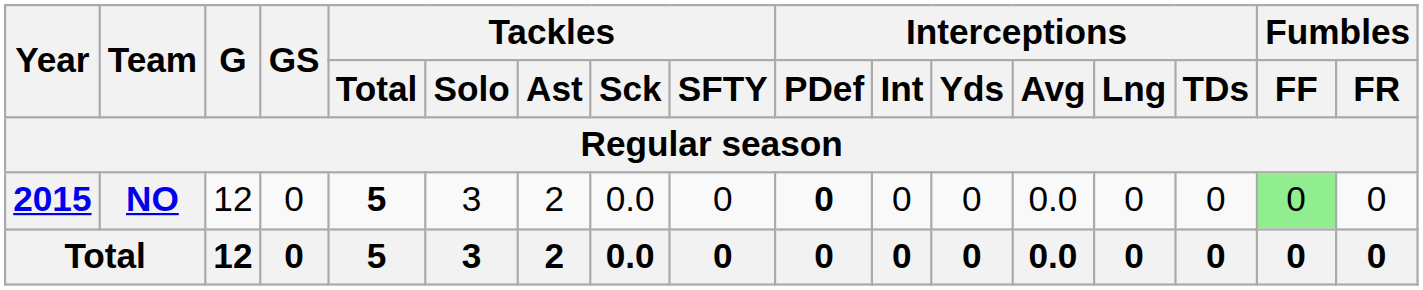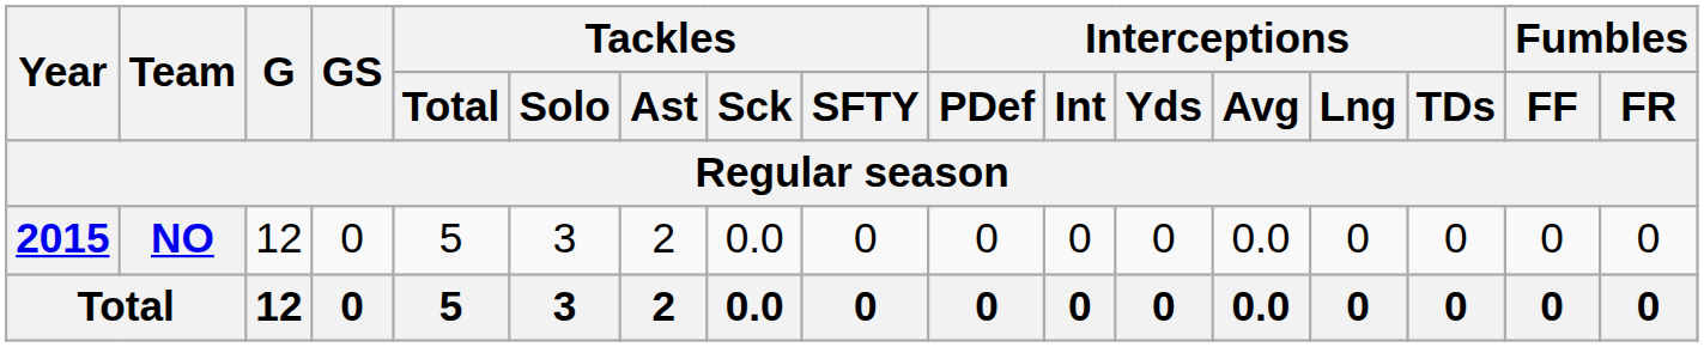 <table class="wikitable" style="text-align: center;">
 <tr>
 <th rowspan=2>Year</th>
 <th rowspan=2>Team</th>
 <th rowspan=2>G</th>
 <th rowspan=2>GS</th>
 <th colspan=5>Tackles</th>
 <th colspan=6>Interceptions</th>
 <th colspan=2>Fumbles</th>
 </tr>
 <tr>
 <th>Total</th>
 <th>Solo</th>
 <th>Ast</th>
 <th>Sck</th>
 <th>SFTY</th>
 <th>PDef</th>
 <th>Int</th>
 <th>Yds</th>
 <th>Avg</th>
 <th>Lng</th>
 <th>TDs</th>
 <th>FF</th>
 <th>FR</th>
 </tr>
 <tr>
 <th colspan=17><strong>Regular season</strong></th>
 </tr>
 <tr>
 <th><a href='#'>2015</a></th>
 <th><a href='#'>NO</a></th>
 <td>12</td>
 <td>0</td>
-<td><strong>5</strong></td>
+<td>5</td>
 <td>3</td>
 <td>2</td>
 <td>0.0</td>
 <td>0</td>
-<td><strong>0</strong></td>
+<td>0</td>
 <td>0</td>
 <td>0</td>
 <td>0.0</td>
 <td>0</td>
 <td>0</td>
-<td style="background: lightgreen;">0</td>
+<td>0</td>
 <td>0</td>
 </tr>
 <tr>
 <th colspan=2>Total</th>
 <th>12</th>
 <th>0</th>
 <th>5</th>
 <th>3</th>
 <th>2</th>
 <th>0.0</th>
 <th>0</th>
 <th>0</th>
 <th>0</th>
 <th>0</th>
 <th>0.0</th>
 <th>0</th>
 <th>0</th>
 <th>0</th>
 <th>0</th>
 </tr>
 </table>
